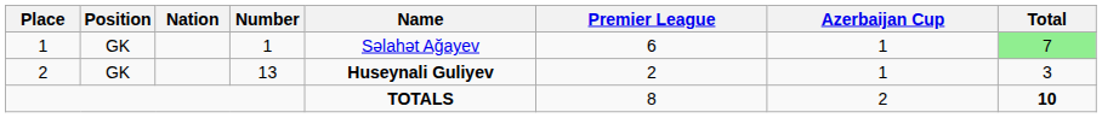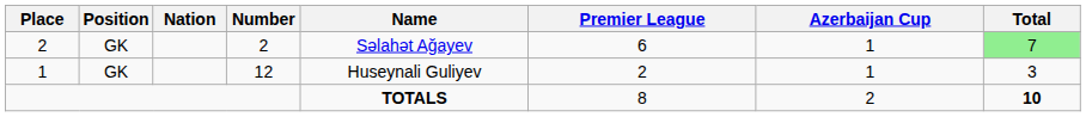 <table class="wikitable" style="font-size: 95%; text-align: center;">
 <tr>
 <th width=60>Place</th>
 <th width=60>Position</th>
 <th width=60>Nation</th>
 <th width=60>Number</th>
 <th width=200>Name</th>
 <th width=200><a href='#'>Premier League</a></th>
 <th width=200><a href='#'>Azerbaijan Cup</a></th>
 <th width=80><strong>Total</strong></th>
 </tr>
 <tr>
-<td>1</td>
+<td>2</td>
 <td>GK</td>
 <td></td>
-<td>1</td>
+<td>2</td>
 <td><a href='#'>Səlahət Ağayev</a></td>
 <td>6</td>
 <td>1</td>
 <td style="background: lightgreen;">7</td>
 </tr>
 <tr>
-<td>2</td>
+<td>1</td>
 <td>GK</td>
 <td></td>
-<td>13</td>
-<td><strong>Huseynali Guliyev</strong></td>
+<td>12</td>
+<td>Huseynali Guliyev</td>
 <td>2</td>
 <td>1</td>
 <td>3</td>
 </tr>
 <tr>
 <td colspan="4"></td>
 <td><strong>TOTALS</strong></td>
 <td>8</td>
 <td>2</td>
 <td><strong>10</strong></td>
 </tr>
 </table>
